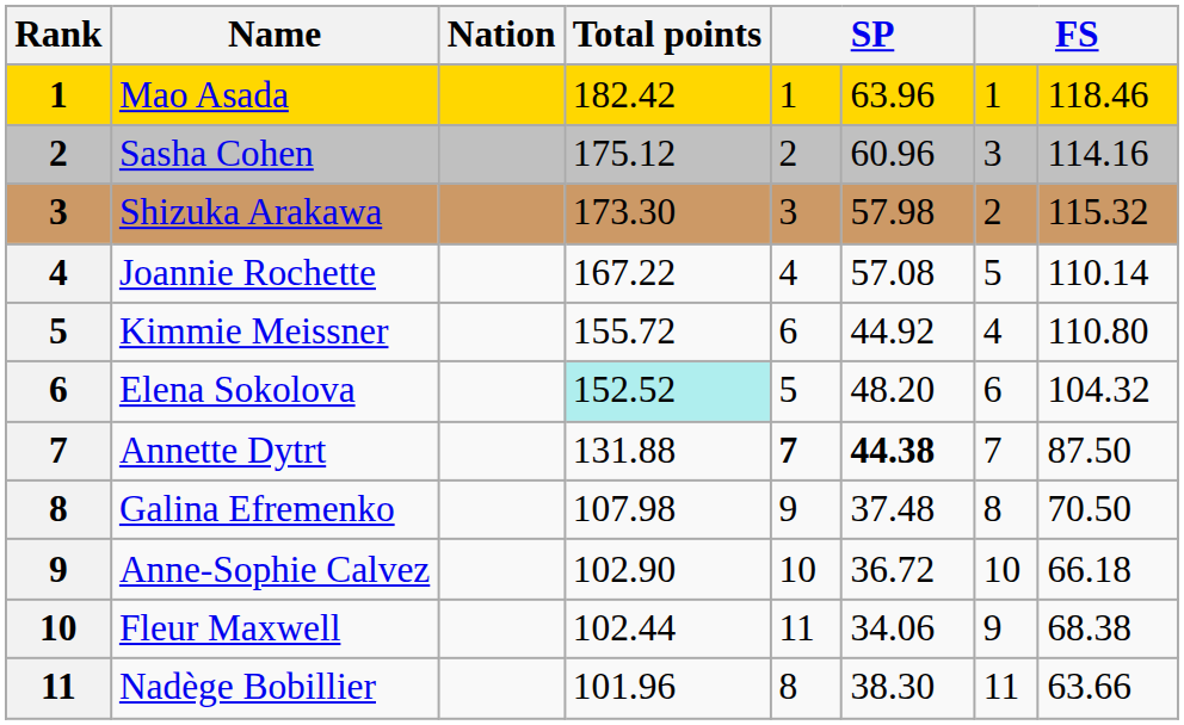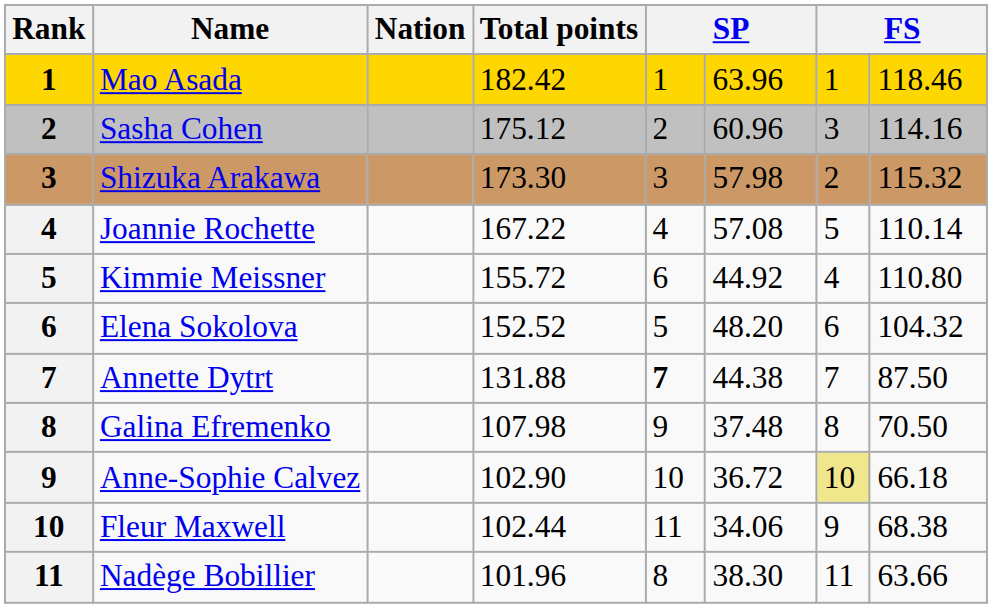 <table class="wikitable">
 <tr>
 <th>Rank</th>
 <th>Name</th>
 <th>Nation</th>
 <th>Total points</th>
 <th colspan="2" width="80px"><a href='#'>SP</a></th>
 <th colspan="2" width="80px"><a href='#'>FS</a></th>
 </tr>
 <tr bgcolor="gold">
 <td align="center"><strong>1</strong></td>
 <td><a href='#'>Mao Asada</a></td>
 <td></td>
 <td>182.42</td>
 <td>1</td>
 <td>63.96</td>
 <td>1</td>
 <td>118.46</td>
 </tr>
 <tr bgcolor="silver">
 <td align="center"><strong>2</strong></td>
 <td><a href='#'>Sasha Cohen</a></td>
 <td></td>
 <td>175.12</td>
 <td>2</td>
 <td>60.96</td>
 <td>3</td>
 <td>114.16</td>
 </tr>
 <tr bgcolor="cc9966">
 <td align="center"><strong>3</strong></td>
 <td><a href='#'>Shizuka Arakawa</a></td>
 <td></td>
 <td>173.30</td>
 <td>3</td>
 <td>57.98</td>
 <td>2</td>
 <td>115.32</td>
 </tr>
 <tr>
 <th>4</th>
 <td><a href='#'>Joannie Rochette</a></td>
 <td></td>
 <td>167.22</td>
 <td>4</td>
 <td>57.08</td>
 <td>5</td>
 <td>110.14</td>
 </tr>
 <tr>
 <th>5</th>
 <td><a href='#'>Kimmie Meissner</a></td>
 <td></td>
 <td>155.72</td>
 <td>6</td>
 <td>44.92</td>
 <td>4</td>
 <td>110.80</td>
 </tr>
 <tr>
 <th>6</th>
 <td><a href='#'>Elena Sokolova</a></td>
 <td></td>
-<td style="background: paleturquoise;">152.52</td>
+<td>152.52</td>
 <td>5</td>
 <td>48.20</td>
 <td>6</td>
 <td>104.32</td>
 </tr>
 <tr>
 <th>7</th>
 <td><a href='#'>Annette Dytrt</a></td>
 <td></td>
 <td>131.88</td>
 <td><strong>7</strong></td>
-<td><strong>44.38</strong></td>
+<td>44.38</td>
 <td>7</td>
 <td>87.50</td>
 </tr>
 <tr>
 <th>8</th>
 <td><a href='#'>Galina Efremenko</a></td>
 <td></td>
 <td>107.98</td>
 <td>9</td>
 <td>37.48</td>
 <td>8</td>
 <td>70.50</td>
 </tr>
 <tr>
 <th>9</th>
 <td><a href='#'>Anne-Sophie Calvez</a></td>
 <td></td>
 <td>102.90</td>
 <td>10</td>
 <td>36.72</td>
-<td>10</td>
+<td style="background: khaki;">10</td>
 <td>66.18</td>
 </tr>
 <tr>
 <th>10</th>
 <td><a href='#'>Fleur Maxwell</a></td>
 <td></td>
 <td>102.44</td>
 <td>11</td>
 <td>34.06</td>
 <td>9</td>
 <td>68.38</td>
 </tr>
 <tr>
 <th>11</th>
 <td><a href='#'>Nadège Bobillier</a></td>
 <td></td>
 <td>101.96</td>
 <td>8</td>
 <td>38.30</td>
 <td>11</td>
 <td>63.66</td>
 </tr>
 </table>
